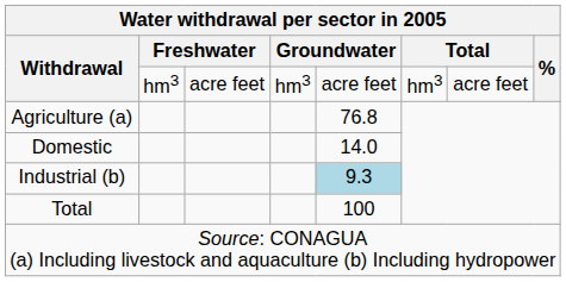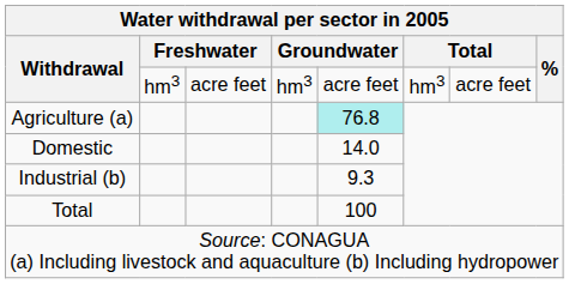 <table class="wikitable" style="text-align: center;">
 <tr>
 <th colspan ="9">Water withdrawal per sector in 2005</th>
 </tr>
 <tr>
 <th rowspan="2">Withdrawal</th>
 <th colspan="2">Freshwater</th>
 <th colspan="2">Groundwater</th>
 <th colspan="2">Total</th>
 <th rowspan="2">%</th>
 </tr>
 <tr>
 <td>hm<sup>3</sup></td>
 <td>acre feet</td>
 <td>hm<sup>3</sup></td>
 <td>acre feet</td>
 <td>hm<sup>3</sup></td>
 <td>acre feet</td>
 </tr>
 <tr>
 <td>Agriculture (a)</td>
 <td></td>
 <td></td>
 <td></td>
-<td>76.8</td>
+<td style="background: paleturquoise;">76.8</td>
 </tr>
 <tr>
 <td>Domestic</td>
 <td></td>
 <td></td>
 <td></td>
 <td>14.0</td>
 </tr>
 <tr>
 <td>Industrial (b)</td>
 <td></td>
 <td></td>
 <td></td>
-<td style="background: lightblue;">9.3</td>
+<td>9.3</td>
 </tr>
 <tr>
 <td>Total</td>
 <td></td>
 <td></td>
 <td></td>
 <td>100</td>
 </tr>
 <tr>
 <td colspan="9"><em>Source</em>: CONAGUA<br>(a) Including livestock and aquaculture (b) Including hydropower</td>
 </tr>
 </table>
